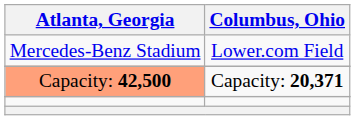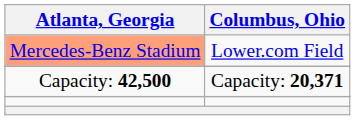 <table class="wikitable" style="margin:1em auto; text-align:center;">
 <tr>
 <th><a href='#'>Atlanta, Georgia</a></th>
 <th><a href='#'>Columbus, Ohio</a></th>
 </tr>
 <tr>
-<td><a href='#'>Mercedes-Benz Stadium</a></td>
+<td style="background: lightsalmon;"><a href='#'>Mercedes-Benz Stadium</a></td>
 <td><a href='#'>Lower.com Field</a></td>
 </tr>
 <tr>
 </tr>
 <tr>
-<td style="background: lightsalmon;">Capacity: <strong>42,500</strong></td>
+<td>Capacity: <strong>42,500</strong></td>
 <td>Capacity: <strong>20,371</strong></td>
 </tr>
 <tr ,>
 </tr>
 <tr>
 <td></td>
 <td></td>
 </tr>
 <tr>
 <th colspan=3><div></div></th>
 </tr>
 </table>
